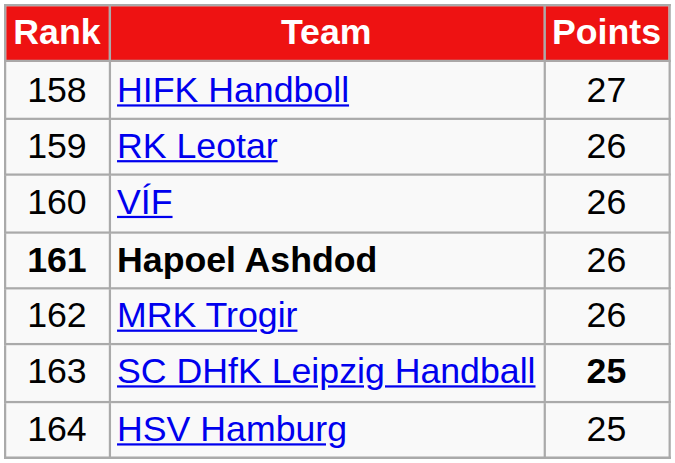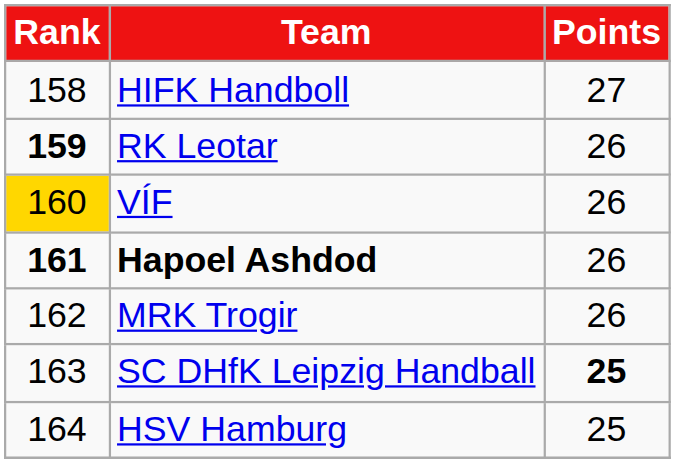 <table class="wikitable" style="text-align: center">
 <tr>
 <th style="color:#FFFFFF; background:#EE1212">Rank</th>
 <th style="color:#FFFFFF; background:#EE1212">Team</th>
 <th style="color:#FFFFFF; background:#EE1212">Points</th>
 </tr>
 <tr>
 <td>158</td>
 <td align=left> <a href='#'>HIFK Handboll</a></td>
 <td>27</td>
 </tr>
 <tr>
-<td>159</td>
+<td><strong>159</strong></td>
 <td align=left> <a href='#'>RK Leotar</a></td>
 <td>26</td>
 </tr>
 <tr>
-<td>160</td>
+<td style="background: gold;">160</td>
 <td align=left> <a href='#'>VÍF</a></td>
 <td>26</td>
 </tr>
 <tr>
 <td><strong>161</strong></td>
 <td align=left> <strong>Hapoel Ashdod</strong></td>
 <td>26</td>
 </tr>
 <tr>
 <td>162</td>
 <td align=left> <a href='#'>MRK Trogir</a></td>
 <td>26</td>
 </tr>
 <tr>
 <td>163</td>
 <td align=left> <a href='#'>SC DHfK Leipzig Handball</a></td>
 <td><strong>25</strong></td>
 </tr>
 <tr>
 <td>164</td>
 <td align=left> <a href='#'>HSV Hamburg</a></td>
 <td>25</td>
 </tr>
 <tr>
 </tr>
 </table>
